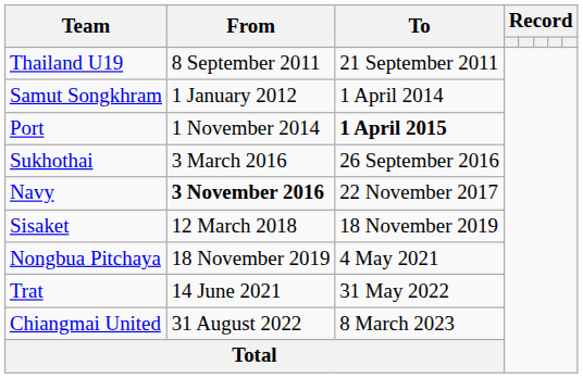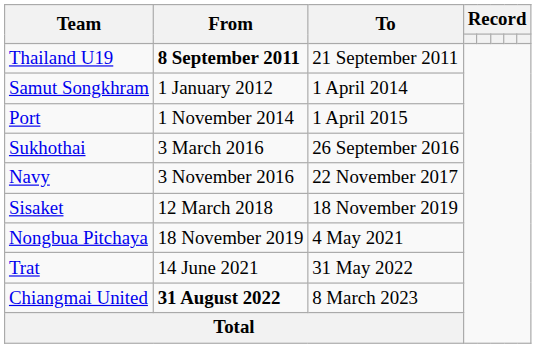 <table class=wikitable style=text-align:center>
 <tr>
 <th rowspan="2">Team</th>
 <th rowspan="2">From</th>
 <th rowspan="2">To</th>
 <th colspan="5">Record</th>
 </tr>
 <tr>
 <th></th>
 <th></th>
 <th></th>
 <th></th>
 <th></th>
 </tr>
 <tr>
 <td align="left"><a href='#'>Thailand U19</a></td>
-<td align="left">8 September 2011</td>
+<td align="left"><strong>8 September 2011</strong></td>
 <td align="left">21 September 2011<br></td>
 </tr>
 <tr>
 <td align="left"><a href='#'>Samut Songkhram</a></td>
 <td align="left">1 January 2012</td>
 <td align="left">1 April 2014<br></td>
 </tr>
 <tr>
 <td align="left"><a href='#'>Port</a></td>
 <td align="left">1 November 2014</td>
-<td align="left"><strong>1 April 2015<br></strong></td>
+<td align="left">1 April 2015<br></td>
 </tr>
 <tr>
 <td align="left"><a href='#'>Sukhothai</a></td>
 <td align="left">3 March 2016</td>
 <td align="left">26 September 2016<br></td>
 </tr>
 <tr>
 <td align="left"><a href='#'>Navy</a></td>
-<td align="left"><strong>3 November 2016</strong></td>
+<td align="left">3 November 2016</td>
 <td align="left">22 November 2017<br></td>
 </tr>
 <tr>
 <td align="left"><a href='#'>Sisaket</a></td>
 <td align="left">12 March 2018</td>
 <td align="left">18 November 2019<br></td>
 </tr>
 <tr>
 <td align="left"><a href='#'>Nongbua Pitchaya</a></td>
 <td align="left">18 November 2019</td>
 <td align="left">4 May 2021<br></td>
 </tr>
 <tr>
 <td align="left"><a href='#'>Trat</a></td>
 <td align="left">14 June 2021</td>
 <td align="left">31 May 2022<br></td>
 </tr>
 <tr>
 <td align="left"><a href='#'>Chiangmai United</a></td>
-<td align="left">31 August 2022</td>
+<td align="left"><strong>31 August 2022</strong></td>
 <td align="left">8 March 2023<br></td>
 </tr>
 <tr>
 <th colspan="3">Total<br></th>
 </tr>
 </table>
